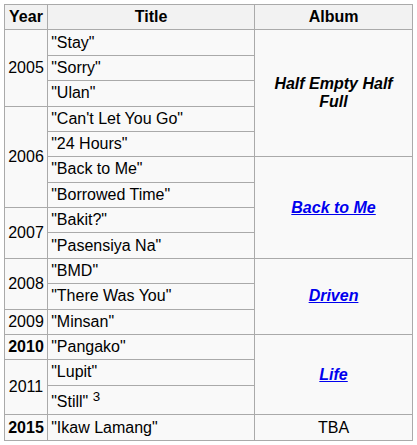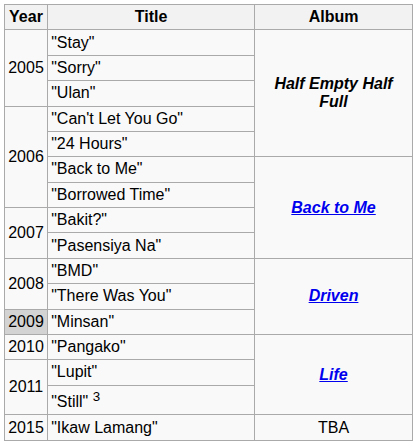 <table class="wikitable">
 <tr>
 <th align="center">Year</th>
 <th align="center" width="200">Title</th>
 <th align="center" width="150">Album</th>
 </tr>
 <tr>
 <td align="center" rowspan="3">2005</td>
 <td align="left">"Stay"</td>
 <td align="center" rowspan="5"><strong><em>Half Empty Half Full</em></strong></td>
 </tr>
 <tr>
 <td align="left">"Sorry"</td>
 </tr>
 <tr>
 <td align="left">"Ulan"</td>
 </tr>
 <tr>
 <td align="center" rowspan="4">2006</td>
 <td align="left">"Can't Let You Go"</td>
 </tr>
 <tr>
 <td align="left">"24 Hours"</td>
 </tr>
 <tr>
 <td align="left">"Back to Me"</td>
 <td align="center" rowspan="4"><strong><em><a href='#'>Back to Me</a></em></strong></td>
 </tr>
 <tr>
 <td align="left">"Borrowed Time"</td>
 </tr>
 <tr>
 <td align="center" rowspan="2">2007</td>
 <td align="left">"Bakit?"</td>
 </tr>
 <tr>
 <td align="left">"Pasensiya Na"</td>
 </tr>
 <tr>
 <td align="center" rowspan="2">2008</td>
 <td align="left">"BMD"</td>
 <td align="center" rowspan="3"><strong><em><a href='#'>Driven</a></em></strong></td>
 </tr>
 <tr>
 <td align="left">"There Was You"</td>
 </tr>
 <tr>
-<td align="center" rowspan="1">2009</td>
+<td align="center" rowspan="1" style="background: lightgrey;">2009</td>
 <td align="left">"Minsan"</td>
 </tr>
 <tr>
-<td align="center" rowspan="1"><strong>2010</strong></td>
+<td align="center" rowspan="1">2010</td>
 <td align="left">"Pangako"</td>
 <td align="center" rowspan="3"><strong><em><a href='#'>Life</a></em></strong></td>
 </tr>
 <tr>
 <td align="center" rowspan="2">2011</td>
 <td align="left">"Lupit"</td>
 </tr>
 <tr>
 <td align="left">"Still" <sup>3</sup></td>
 </tr>
 <tr>
-<td align="center" rowspan="1"><strong>2015</strong></td>
+<td align="center" rowspan="1">2015</td>
 <td align="left">"Ikaw Lamang" </td>
 <td align="center" rowspan="3">TBA</td>
 </tr>
 </table>
